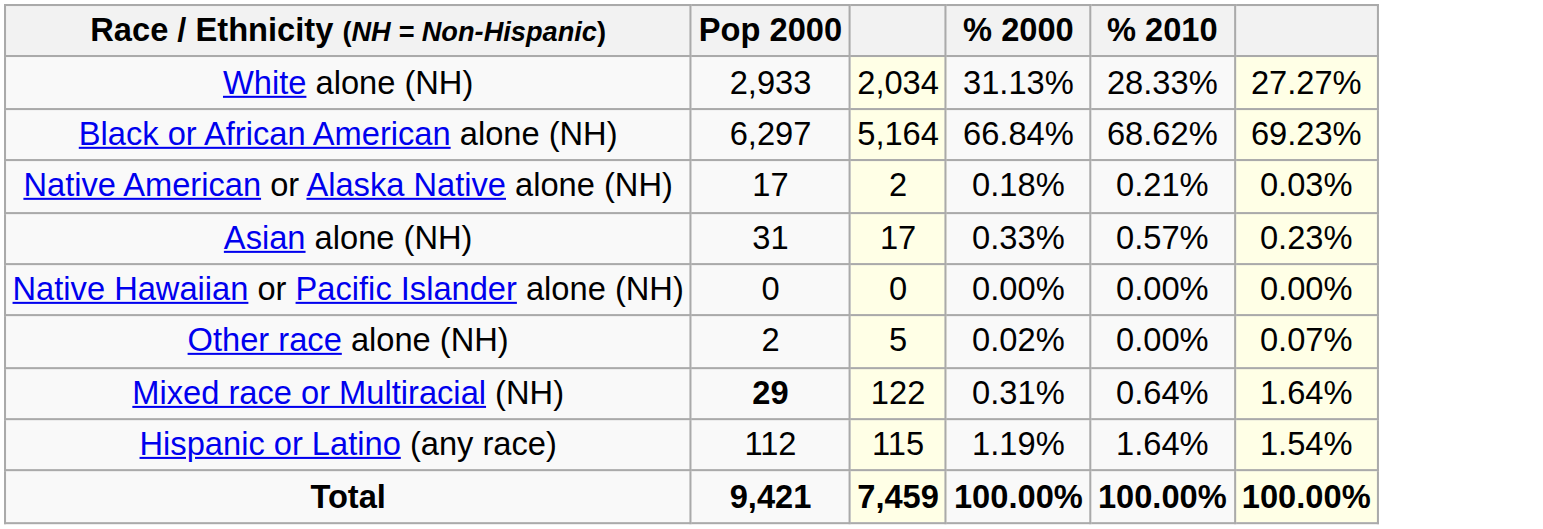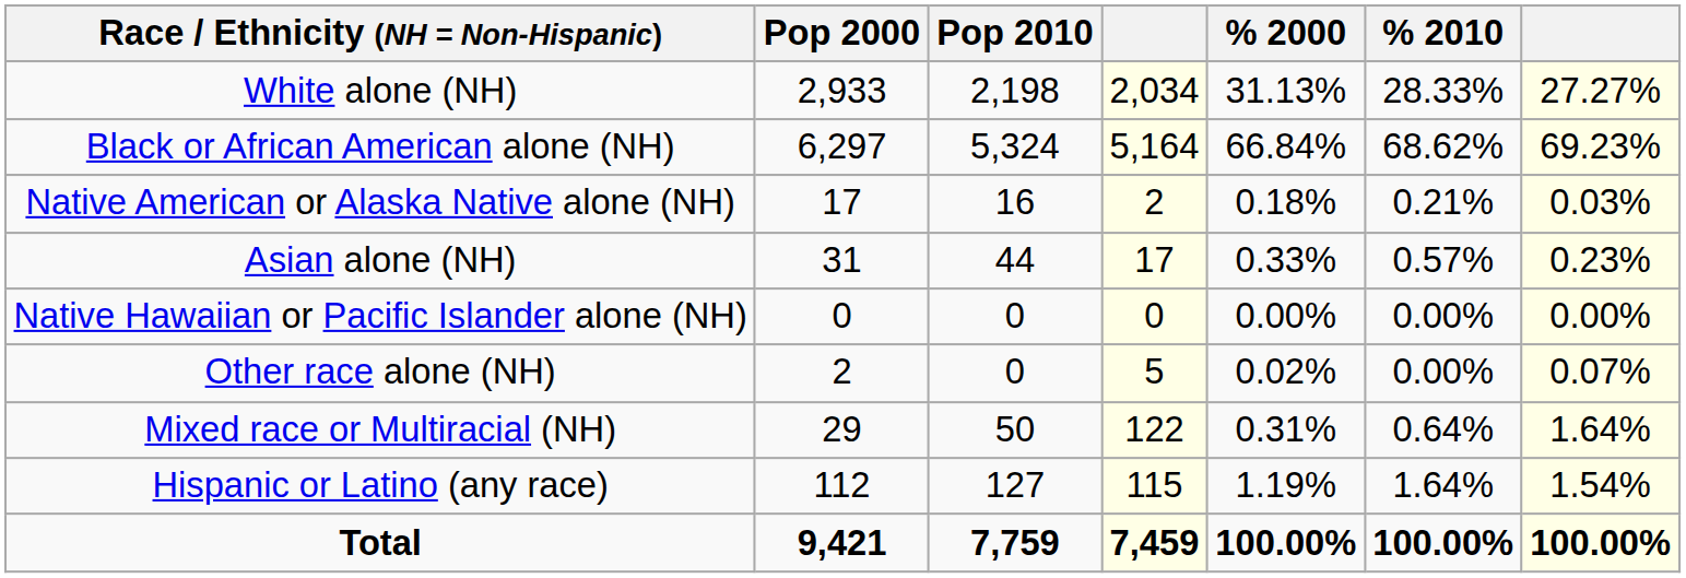 <table class="wikitable" style="text-align:center;">
 <tr>
 <th>Race / Ethnicity <small>(<em>NH = Non-Hispanic</em>)</small></th>
 <th>Pop 2000</th>
+<th>Pop 2010</th>
 <th></th>
 <th>% 2000</th>
 <th>% 2010</th>
 <th></th>
 </tr>
 <tr>
 <td><a href='#'>White</a> alone (NH)</td>
 <td>2,933</td>
+<td>2,198</td>
 <td style='background: #ffffe6;'>2,034</td>
 <td>31.13%</td>
 <td>28.33%</td>
 <td style='background: #ffffe6;'>27.27%</td>
 </tr>
 <tr>
 <td><a href='#'>Black or African American</a> alone (NH)</td>
 <td>6,297</td>
+<td>5,324</td>
 <td style='background: #ffffe6;'>5,164</td>
 <td>66.84%</td>
 <td>68.62%</td>
 <td style='background: #ffffe6;'>69.23%</td>
 </tr>
 <tr>
 <td><a href='#'>Native American</a> or <a href='#'>Alaska Native</a> alone (NH)</td>
 <td>17</td>
+<td>16</td>
 <td style='background: #ffffe6;'>2</td>
 <td>0.18%</td>
 <td>0.21%</td>
 <td style='background: #ffffe6;'>0.03%</td>
 </tr>
 <tr>
 <td><a href='#'>Asian</a> alone (NH)</td>
 <td>31</td>
+<td>44</td>
 <td style='background: #ffffe6;'>17</td>
 <td>0.33%</td>
 <td>0.57%</td>
 <td style='background: #ffffe6;'>0.23%</td>
 </tr>
 <tr>
 <td><a href='#'>Native Hawaiian</a> or <a href='#'>Pacific Islander</a> alone (NH)</td>
+<td>0</td>
 <td>0</td>
 <td style='background: #ffffe6;'>0</td>
 <td>0.00%</td>
 <td>0.00%</td>
 <td style='background: #ffffe6;'>0.00%</td>
 </tr>
 <tr>
 <td><a href='#'>Other race</a> alone (NH)</td>
 <td>2</td>
+<td>0</td>
 <td style='background: #ffffe6;'>5</td>
 <td>0.02%</td>
 <td>0.00%</td>
 <td style='background: #ffffe6;'>0.07%</td>
 </tr>
 <tr>
 <td><a href='#'>Mixed race or Multiracial</a> (NH)</td>
-<td><strong>29</strong></td>
+<td>29</td>
+<td>50</td>
 <td style='background: #ffffe6;'>122</td>
 <td>0.31%</td>
 <td>0.64%</td>
 <td style='background: #ffffe6;'>1.64%</td>
 </tr>
 <tr>
 <td><a href='#'>Hispanic or Latino</a> (any race)</td>
 <td>112</td>
+<td>127</td>
 <td style='background: #ffffe6;'>115</td>
 <td>1.19%</td>
 <td>1.64%</td>
 <td style='background: #ffffe6;'>1.54%</td>
 </tr>
 <tr>
 <td><strong>Total</strong></td>
 <td><strong>9,421</strong></td>
+<td><strong>7,759</strong></td>
 <td style='background: #ffffe6;'><strong>7,459</strong></td>
 <td><strong>100.00%</strong></td>
 <td><strong>100.00%</strong></td>
 <td style='background: #ffffe6;'><strong>100.00%</strong></td>
 </tr>
 </table>
